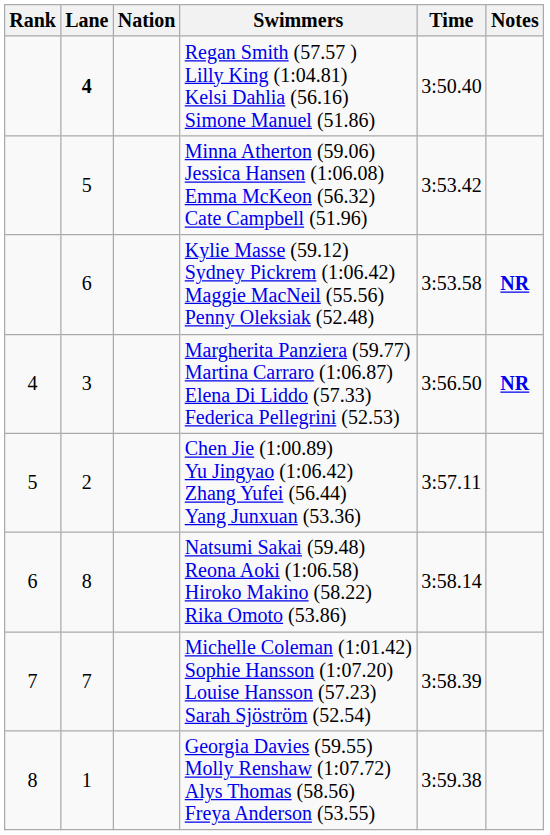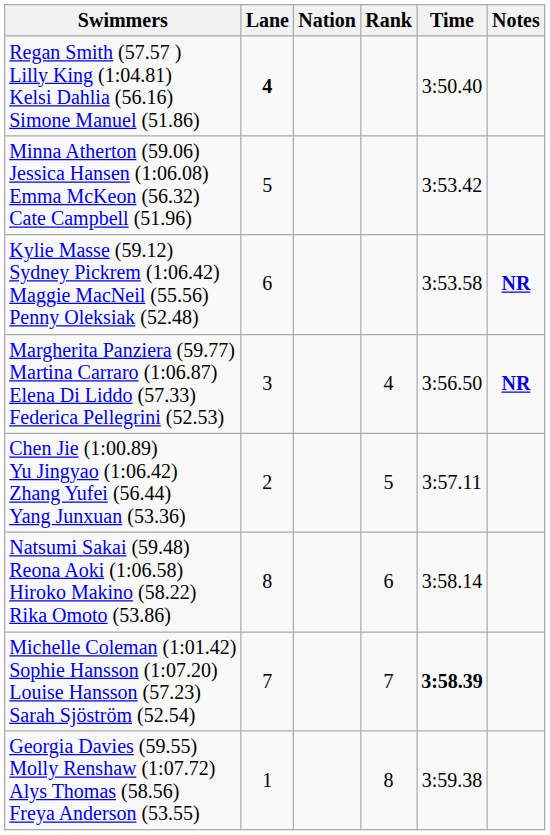 <table class="wikitable sortable" style="text-align:center">
 <tr>
-<th>Rank</th>
+<th>Swimmers</th>
 <th>Lane</th>
 <th>Nation</th>
-<th>Swimmers</th>
+<th>Rank</th>
 <th>Time</th>
 <th>Notes</th>
 </tr>
 <tr>
-<td></td>
+<td align=left><a href='#'>Regan Smith</a> (57.57 )<br><a href='#'>Lilly King</a> (1:04.81)<br><a href='#'>Kelsi Dahlia</a> (56.16)<br><a href='#'>Simone Manuel</a> (51.86)</td>
 <td><strong>4</strong></td>
 <td align=left></td>
-<td align=left><a href='#'>Regan Smith</a> (57.57 )<br><a href='#'>Lilly King</a> (1:04.81)<br><a href='#'>Kelsi Dahlia</a> (56.16)<br><a href='#'>Simone Manuel</a> (51.86)</td>
+<td></td>
 <td>3:50.40</td>
 <td></td>
 </tr>
 <tr>
-<td></td>
+<td align=left><a href='#'>Minna Atherton</a> (59.06)<br><a href='#'>Jessica Hansen</a> (1:06.08)<br><a href='#'>Emma McKeon</a> (56.32)<br><a href='#'>Cate Campbell</a> (51.96)</td>
 <td>5</td>
 <td align=left></td>
-<td align=left><a href='#'>Minna Atherton</a> (59.06)<br><a href='#'>Jessica Hansen</a> (1:06.08)<br><a href='#'>Emma McKeon</a> (56.32)<br><a href='#'>Cate Campbell</a> (51.96)</td>
+<td></td>
 <td>3:53.42</td>
 <td></td>
 </tr>
 <tr>
-<td></td>
+<td align=left><a href='#'>Kylie Masse</a> (59.12)<br><a href='#'>Sydney Pickrem</a> (1:06.42)<br><a href='#'>Maggie MacNeil</a> (55.56)<br><a href='#'>Penny Oleksiak</a> (52.48)</td>
 <td>6</td>
 <td align=left></td>
-<td align=left><a href='#'>Kylie Masse</a> (59.12)<br><a href='#'>Sydney Pickrem</a> (1:06.42)<br><a href='#'>Maggie MacNeil</a> (55.56)<br><a href='#'>Penny Oleksiak</a> (52.48)</td>
+<td></td>
 <td>3:53.58</td>
 <td><strong><a href='#'>NR</a></strong></td>
 </tr>
 <tr>
-<td>4</td>
+<td align=left><a href='#'>Margherita Panziera</a> (59.77)<br><a href='#'>Martina Carraro</a> (1:06.87)<br><a href='#'>Elena Di Liddo</a> (57.33)<br><a href='#'>Federica Pellegrini</a> (52.53)</td>
 <td>3</td>
 <td align=left></td>
-<td align=left><a href='#'>Margherita Panziera</a> (59.77)<br><a href='#'>Martina Carraro</a> (1:06.87)<br><a href='#'>Elena Di Liddo</a> (57.33)<br><a href='#'>Federica Pellegrini</a> (52.53)</td>
+<td>4</td>
 <td>3:56.50</td>
 <td><strong><a href='#'>NR</a></strong></td>
 </tr>
 <tr>
-<td>5</td>
+<td align=left><a href='#'>Chen Jie</a> (1:00.89)<br><a href='#'>Yu Jingyao</a> (1:06.42)<br><a href='#'>Zhang Yufei</a> (56.44)<br><a href='#'>Yang Junxuan</a> (53.36)</td>
 <td>2</td>
 <td align=left></td>
-<td align=left><a href='#'>Chen Jie</a> (1:00.89)<br><a href='#'>Yu Jingyao</a> (1:06.42)<br><a href='#'>Zhang Yufei</a> (56.44)<br><a href='#'>Yang Junxuan</a> (53.36)</td>
+<td>5</td>
 <td>3:57.11</td>
 <td></td>
 </tr>
 <tr>
-<td>6</td>
+<td align=left><a href='#'>Natsumi Sakai</a> (59.48)<br><a href='#'>Reona Aoki</a> (1:06.58)<br><a href='#'>Hiroko Makino</a> (58.22)<br><a href='#'>Rika Omoto</a> (53.86)</td>
 <td>8</td>
 <td align=left></td>
-<td align=left><a href='#'>Natsumi Sakai</a> (59.48)<br><a href='#'>Reona Aoki</a> (1:06.58)<br><a href='#'>Hiroko Makino</a> (58.22)<br><a href='#'>Rika Omoto</a> (53.86)</td>
+<td>6</td>
 <td>3:58.14</td>
 <td></td>
 </tr>
 <tr>
-<td>7</td>
+<td align=left><a href='#'>Michelle Coleman</a> (1:01.42)<br><a href='#'>Sophie Hansson</a> (1:07.20)<br><a href='#'>Louise Hansson</a> (57.23)<br><a href='#'>Sarah Sjöström</a> (52.54)</td>
 <td>7</td>
 <td align=left></td>
-<td align=left><a href='#'>Michelle Coleman</a> (1:01.42)<br><a href='#'>Sophie Hansson</a> (1:07.20)<br><a href='#'>Louise Hansson</a> (57.23)<br><a href='#'>Sarah Sjöström</a> (52.54)</td>
-<td>3:58.39</td>
+<td>7</td>
+<td><strong>3:58.39</strong></td>
 <td></td>
 </tr>
 <tr>
-<td>8</td>
+<td align=left><a href='#'>Georgia Davies</a> (59.55)<br><a href='#'>Molly Renshaw</a> (1:07.72)<br><a href='#'>Alys Thomas</a> (58.56)<br><a href='#'>Freya Anderson</a> (53.55)</td>
 <td>1</td>
 <td align=left></td>
-<td align=left><a href='#'>Georgia Davies</a> (59.55)<br><a href='#'>Molly Renshaw</a> (1:07.72)<br><a href='#'>Alys Thomas</a> (58.56)<br><a href='#'>Freya Anderson</a> (53.55)</td>
+<td>8</td>
 <td>3:59.38</td>
 <td></td>
 </tr>
 </table>
